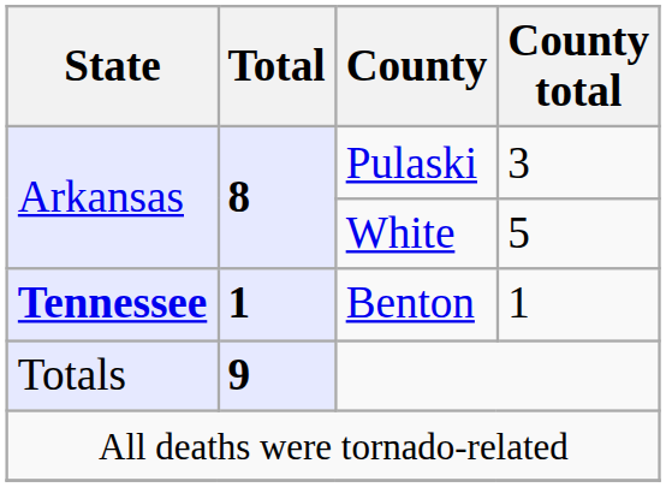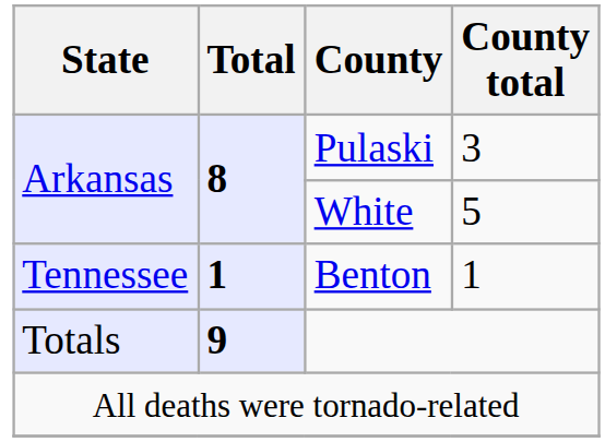 <table class="wikitable" style="margin:0 0 0.5em 1em;float:right;">
 <tr>
 <th><strong>State</strong></th>
 <th><strong>Total</strong></th>
 <th><strong>County</strong></th>
 <th><strong>County<br>total</strong></th>
 </tr>
 <tr>
 <td rowspan=2 bgcolor="#e6e9ff"><a href='#'>Arkansas</a></td>
 <td rowspan=2 bgcolor="#e6e9ff"><strong>8</strong></td>
 <td><a href='#'>Pulaski</a></td>
 <td>3</td>
 </tr>
 <tr>
 <td><a href='#'>White</a></td>
 <td>5</td>
 </tr>
 <tr>
-<td rowspan=1 bgcolor="#e6e9ff"><strong><a href='#'>Tennessee</a></strong></td>
+<td rowspan=1 bgcolor="#e6e9ff"><a href='#'>Tennessee</a></td>
 <td rowspan=1 bgcolor="#e6e9ff"><strong>1</strong></td>
 <td><a href='#'>Benton</a></td>
 <td>1</td>
 </tr>
 <tr>
 <td bgcolor="#e6e9ff">Totals</td>
 <td bgcolor="#e6e9ff"><strong>9</strong></td>
 <td colspan=2></td>
 </tr>
 <tr>
 <td colspan=4 align=center><small>All deaths were tornado-related</small></td>
 </tr>
 <tr>
 </tr>
 </table>
